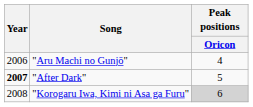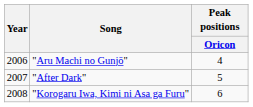 <table class="wikitable">
 <tr>
 <th rowspan="2">Year</th>
 <th rowspan="2">Song</th>
 <th style="width:5em;line-height:1.3">Peak positions</th>
 </tr>
 <tr>
 <th align="center"><a href='#'>Oricon</a></th>
 </tr>
 <tr>
 <td>2006</td>
 <td>"<a href='#'>Aru Machi no Gunjō</a>"</td>
 <td align="center">4</td>
 </tr>
 <tr>
-<td><strong>2007</strong></td>
+<td>2007</td>
 <td>"<a href='#'>After Dark</a>"</td>
 <td align="center">5</td>
 </tr>
 <tr>
 <td>2008</td>
 <td>"<a href='#'>Korogaru Iwa, Kimi ni Asa ga Furu</a>"</td>
-<td align="center" style="background: lightgrey;">6</td>
+<td align="center">6</td>
 </tr>
 </table>
